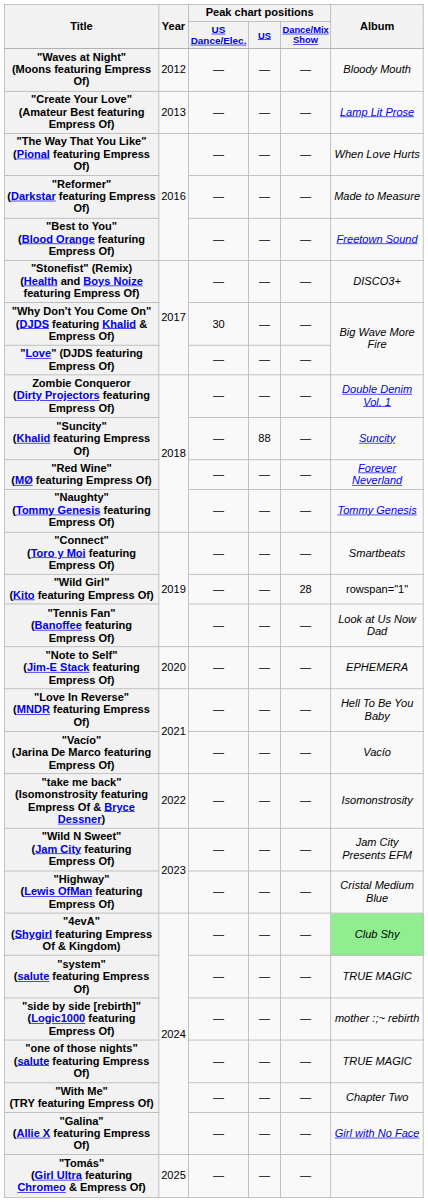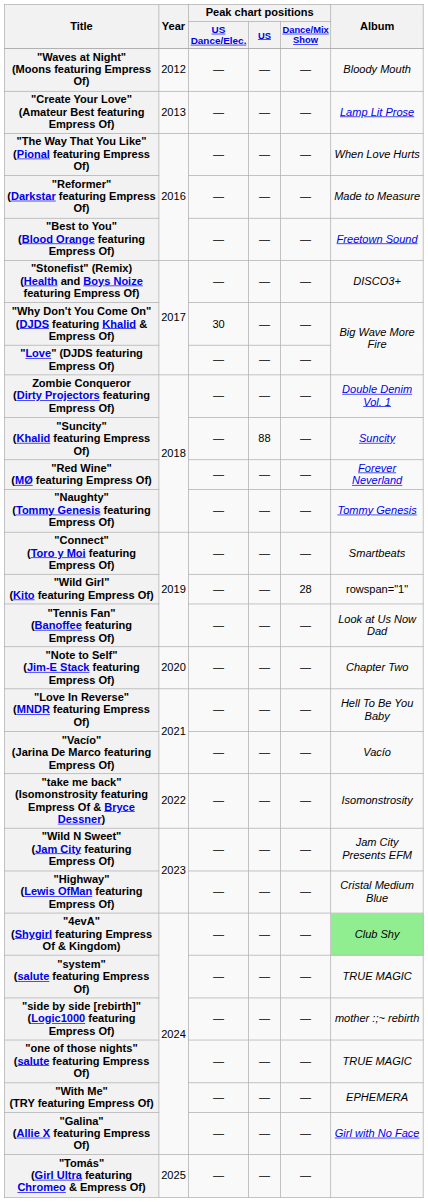 <table class="wikitable plainrowheaders" style="text-align:center;">
 <tr>
 <th scope="col" rowspan="2" style="width:14em;">Title</th>
 <th scope="col" rowspan="2" style="width:1em;">Year</th>
 <th scope="col" colspan="3" style="width:1em;">Peak chart positions</th>
 <th scope="col" rowspan="2" style="width:8em;">Album</th>
 </tr>
 <tr>
 <th scope="col" style="width:3em;font-size:90%;"><a href='#'>US Dance/Elec.</a><br></th>
 <th scope="col" style="width:3em;font-size:85%;"><a href='#'>US</a><br></th>
 <th scope="col" style="width:3em;font-size:85%;"><a href='#'>Dance/Mix Show</a><br></th>
 </tr>
 <tr>
 </tr>
 <tr>
 <th scope="row">"Waves at Night"<br><span>(Moons featuring Empress Of)</span></th>
 <td rowspan="1">2012</td>
 <td>—</td>
 <td>—</td>
 <td>—</td>
 <td><em>Bloody Mouth</em></td>
 </tr>
 <tr>
 <th scope="row">"Create Your Love"<br><span>(Amateur Best featuring Empress Of)</span></th>
 <td rowspan="1">2013</td>
 <td>—</td>
 <td>—</td>
 <td>—</td>
 <td><em><a href='#'>Lamp Lit Prose</a></em></td>
 </tr>
 <tr>
 <th scope="row">"The Way That You Like"<br><span>(<a href='#'>Pional</a> featuring Empress Of)</span></th>
 <td rowspan="3">2016</td>
 <td>—</td>
 <td>—</td>
 <td>—</td>
 <td><em>When Love Hurts</em></td>
 </tr>
 <tr>
 <th scope="row">"Reformer"<br><span>(<a href='#'>Darkstar</a> featuring Empress Of)</span></th>
 <td>—</td>
 <td>—</td>
 <td>—</td>
 <td><em>Made to Measure</em></td>
 </tr>
 <tr>
 <th scope="row">"Best to You"<br><span>(<a href='#'>Blood Orange</a> featuring Empress Of)</span></th>
 <td>—</td>
 <td>—</td>
 <td>—</td>
 <td><em><a href='#'>Freetown Sound</a></em></td>
 </tr>
 <tr>
 <th scope="row">"Stonefist" (Remix)<br><span>(<a href='#'>Health</a> and <a href='#'>Boys Noize</a> featuring Empress Of)</span></th>
 <td rowspan="3">2017</td>
 <td>—</td>
 <td>—</td>
 <td>—</td>
 <td><em>DISCO3+</em></td>
 </tr>
 <tr>
 <th scope="row">"Why Don't You Come On"<br><span>(<a href='#'>DJDS</a> featuring <a href='#'>Khalid</a> & Empress Of)</span></th>
 <td>30</td>
 <td>—</td>
 <td>—</td>
 <td rowspan="2"><em>Big Wave More Fire</em></td>
 </tr>
 <tr>
 <th scope="row">"<a href='#'>Love</a>" <span>(DJDS featuring Empress Of)</span></th>
 <td>—</td>
 <td>—</td>
 <td>—</td>
 </tr>
 <tr>
 <th scope="row">Zombie Conqueror<br><span>(<a href='#'>Dirty Projectors</a> featuring Empress Of)</span></th>
 <td rowspan="4">2018</td>
 <td>—</td>
 <td>—</td>
 <td>—</td>
 <td><em><a href='#'>Double Denim Vol. 1</a></em></td>
 </tr>
 <tr>
 <th scope="row">"Suncity"<br><span>(<a href='#'>Khalid</a> featuring Empress Of)</span></th>
 <td>—</td>
 <td>88</td>
 <td>—</td>
 <td><em><a href='#'>Suncity</a></em></td>
 </tr>
 <tr>
 <th scope="row">"Red Wine"<br><span>(<a href='#'>MØ</a> featuring Empress Of)</span></th>
 <td>—</td>
 <td>—</td>
 <td>—</td>
 <td><em><a href='#'>Forever Neverland</a></em></td>
 </tr>
 <tr>
 <th scope="row">"Naughty"<br><span>(<a href='#'>Tommy Genesis</a> featuring Empress Of)</span></th>
 <td>—</td>
 <td>—</td>
 <td>—</td>
 <td><em><a href='#'>Tommy Genesis</a></em></td>
 </tr>
 <tr>
 <th scope="row">"Connect"<br><span>(<a href='#'>Toro y Moi</a> featuring Empress Of)</span></th>
 <td rowspan="3">2019</td>
 <td>—</td>
 <td>—</td>
 <td>—</td>
 <td><em>Smartbeats</em></td>
 </tr>
 <tr>
 <th scope="row">"Wild Girl"<br><span>(<a href='#'>Kito</a> featuring Empress Of)</span></th>
 <td>—</td>
 <td>—</td>
 <td>28</td>
 <td>rowspan="1" </td>
 </tr>
 <tr>
 <th scope="row">"Tennis Fan"<br><span>(<a href='#'>Banoffee</a> featuring Empress Of)</span></th>
 <td>—</td>
 <td>—</td>
 <td>—</td>
 <td><em>Look at Us Now Dad</em></td>
 </tr>
 <tr>
 <th scope="row">"Note to Self"<br><span>(<a href='#'>Jim-E Stack</a> featuring Empress Of)</span></th>
 <td rowspan="1">2020</td>
 <td>—</td>
 <td>—</td>
 <td>—</td>
-<td><em>EPHEMERA</em></td>
+<td rowspan="1"><em>Chapter Two</em></td>
 </tr>
 <tr>
 <th scope="row">"Love In Reverse"<br><span>(<a href='#'>MNDR</a> featuring Empress Of)</span></th>
 <td rowspan="2">2021</td>
 <td>—</td>
 <td>—</td>
 <td>—</td>
 <td><em>Hell To Be You Baby</em></td>
 </tr>
 <tr>
 <th scope="row">"Vacío"<br><span>(Jarina De Marco featuring Empress Of)</span></th>
 <td>—</td>
 <td>—</td>
 <td>—</td>
 <td rowspan="1"><em>Vacío</em></td>
 </tr>
 <tr>
 <th scope="row">"take me back"<br><span>(Isomonstrosity featuring Empress Of & <a href='#'>Bryce Dessner</a>)</span></th>
 <td rowspan="1">2022</td>
 <td>—</td>
 <td>—</td>
 <td>—</td>
 <td><em>Isomonstrosity</em></td>
 </tr>
 <tr>
 <th scope="row">"Wild N Sweet"<br><span>(<a href='#'>Jam City</a> featuring Empress Of)</span></th>
 <td rowspan="2">2023</td>
 <td>—</td>
 <td>—</td>
 <td>—</td>
 <td><em>Jam City Presents EFM</em></td>
 </tr>
 <tr>
 <th scope="row">"Highway"<br><span>(<a href='#'>Lewis OfMan</a> featuring Empress Of)</span></th>
 <td>—</td>
 <td>—</td>
 <td>—</td>
 <td rowspan="1"><em>Cristal Medium Blue</em></td>
 </tr>
 <tr>
 <th scope="row">"4evA"<br><span>(<a href='#'>Shygirl</a> featuring Empress Of & Kingdom)</span></th>
 <td rowspan="6">2024</td>
 <td>—</td>
 <td>—</td>
 <td>—</td>
 <td rowspan="1" style="background: lightgreen;"><em>Club Shy</em></td>
 </tr>
 <tr>
 <th scope="row">"system"<br><span>(<a href='#'>salute</a> featuring Empress Of)</span></th>
 <td>—</td>
 <td>—</td>
 <td>—</td>
 <td rowspan="1"><em>TRUE MAGIC</em></td>
 </tr>
 <tr>
 <th scope="row">"side by side [rebirth]"<br><span>(<a href='#'>Logic1000</a> featuring Empress Of)</span></th>
 <td>—</td>
 <td>—</td>
 <td>—</td>
 <td rowspan="1"><em>mother :;~ rebirth</em></td>
 </tr>
 <tr>
 <th scope="row">"one of those nights"<br><span>(<a href='#'>salute</a> featuring Empress Of)</span></th>
 <td>—</td>
 <td>—</td>
 <td>—</td>
 <td rowspan="1"><em>TRUE MAGIC</em></td>
 </tr>
 <tr>
 <th scope="row">"With Me"<br><span>(TRY featuring Empress Of)</span></th>
 <td>—</td>
 <td>—</td>
 <td>—</td>
-<td rowspan="1"><em>Chapter Two</em></td>
+<td><em>EPHEMERA</em></td>
 </tr>
 <tr>
 <th scope="row">"Galina"<br><span>(<a href='#'>Allie X</a> featuring Empress Of)</span></th>
 <td>—</td>
 <td>—</td>
 <td>—</td>
 <td rowspan="1"><em><a href='#'>Girl with No Face</a></em></td>
 </tr>
 <tr>
 <th scope="row">"Tomás"<br><span>(<a href='#'>Girl Ultra</a> featuring <a href='#'>Chromeo</a> & Empress Of)</span></th>
 <td rowspan="6">2025</td>
 <td>—</td>
 <td>—</td>
 <td>—</td>
 <td></td>
 </tr>
 </table>
